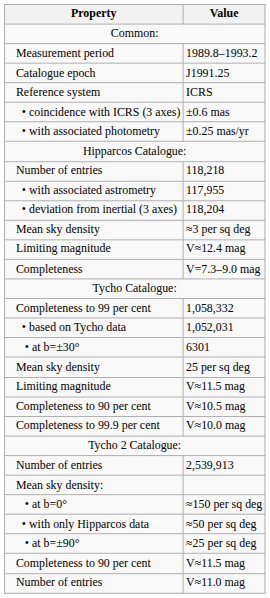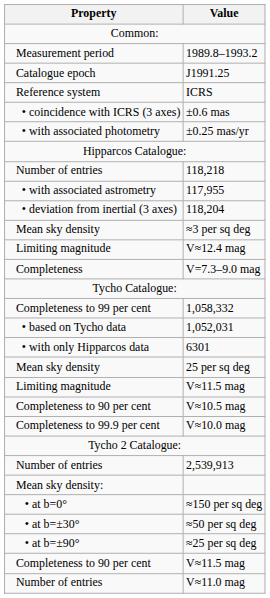 <table class="wikitable" border style="float:right; clear:right; margin-left:1cm; font-size:80%">
 <tr>
 <th>Property</th>
 <th>Value</th>
 </tr>
 <tr>
 <td colspan="2" style="text-align:center;">Common:</td>
 </tr>
 <tr>
 <td>   Measurement period</td>
 <td>1989.8–1993.2</td>
 </tr>
 <tr>
 <td>   Catalogue epoch</td>
 <td>J1991.25</td>
 </tr>
 <tr>
 <td>   Reference system</td>
 <td>ICRS</td>
 </tr>
 <tr>
 <td>     • coincidence with ICRS (3 axes)</td>
 <td>±0.6 mas</td>
 </tr>
 <tr>
 <td>     • with associated photometry    </td>
 <td>±0.25 mas/yr</td>
 </tr>
 <tr>
 <td colspan="2" style="text-align:center;">Hipparcos Catalogue:</td>
 </tr>
 <tr>
 <td>   Number of entries</td>
 <td>118,218</td>
 </tr>
 <tr>
 <td>     • with associated astrometry    </td>
 <td>117,955</td>
 </tr>
 <tr>
 <td>     • deviation from inertial (3 axes)</td>
 <td>118,204</td>
 </tr>
 <tr>
 <td>   Mean sky density</td>
 <td>≈3 per sq deg</td>
 </tr>
 <tr>
 <td>   Limiting magnitude</td>
 <td>V≈12.4 mag</td>
 </tr>
 <tr>
 <td>   Completeness</td>
 <td>V=7.3–9.0 mag</td>
 </tr>
 <tr>
 <td colspan="2" style="text-align:center;">Tycho Catalogue:</td>
 </tr>
 <tr>
 <td>   Completeness to 99 per cent</td>
 <td>1,058,332</td>
 </tr>
 <tr>
 <td>     • based on Tycho data    </td>
 <td>1,052,031</td>
 </tr>
 <tr>
-<td>      • at b=±30°</td>
+<td>     • with only Hipparcos data    </td>
 <td>6301</td>
 </tr>
 <tr>
 <td>   Mean sky density</td>
 <td>25 per sq deg</td>
 </tr>
 <tr>
 <td>   Limiting magnitude</td>
 <td>V≈11.5 mag</td>
 </tr>
 <tr>
 <td>   Completeness to 90 per cent</td>
 <td>V≈10.5 mag</td>
 </tr>
 <tr>
 <td>   Completeness to 99.9 per cent</td>
 <td>V≈10.0 mag</td>
 </tr>
 <tr>
 <td colspan="2" style="text-align:center;">Tycho 2 Catalogue:</td>
 </tr>
 <tr>
 <td>   Number of entries</td>
 <td>2,539,913</td>
 </tr>
 <tr>
 <td>   Mean sky density:</td>
 <td></td>
 </tr>
 <tr>
 <td>      • at b=0°</td>
 <td>≈150 per sq deg</td>
 </tr>
 <tr>
-<td>     • with only Hipparcos data    </td>
+<td>      • at b=±30°</td>
 <td>≈50 per sq deg</td>
 </tr>
 <tr>
 <td>      • at b=±90°</td>
 <td>≈25 per sq deg</td>
 </tr>
 <tr>
 <td>   Completeness to 90 per cent</td>
 <td>V≈11.5 mag</td>
 </tr>
 <tr>
 <td>   Number of entries</td>
 <td>V≈11.0 mag</td>
 </tr>
 </table>
